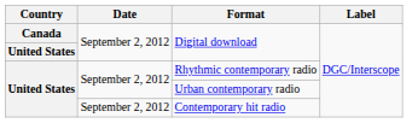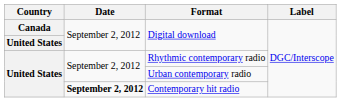 <table class="wikitable plainrowheaders">
 <tr>
 <th scope="col">Country</th>
 <th scope="col">Date</th>
 <th scope="col">Format</th>
 <th scope="col">Label</th>
 </tr>
 <tr>
 <th scope="row">Canada</th>
 <td rowspan="2">September 2, 2012</td>
 <td rowspan="2"><a href='#'>Digital download</a></td>
 <td rowspan="5"><a href='#'>DGC/Interscope</a></td>
 </tr>
 <tr>
 <th scope="row">United States</th>
 </tr>
 <tr>
 <th scope="row" rowspan="3">United States</th>
 <td rowspan="2">September 2, 2012</td>
 <td><a href='#'>Rhythmic contemporary</a> radio</td>
 </tr>
 <tr>
 <td><a href='#'>Urban contemporary</a> radio</td>
 </tr>
 <tr>
-<td>September 2, 2012</td>
+<td><strong>September 2, 2012</strong></td>
 <td><a href='#'>Contemporary hit radio</a></td>
 </tr>
 </table>
